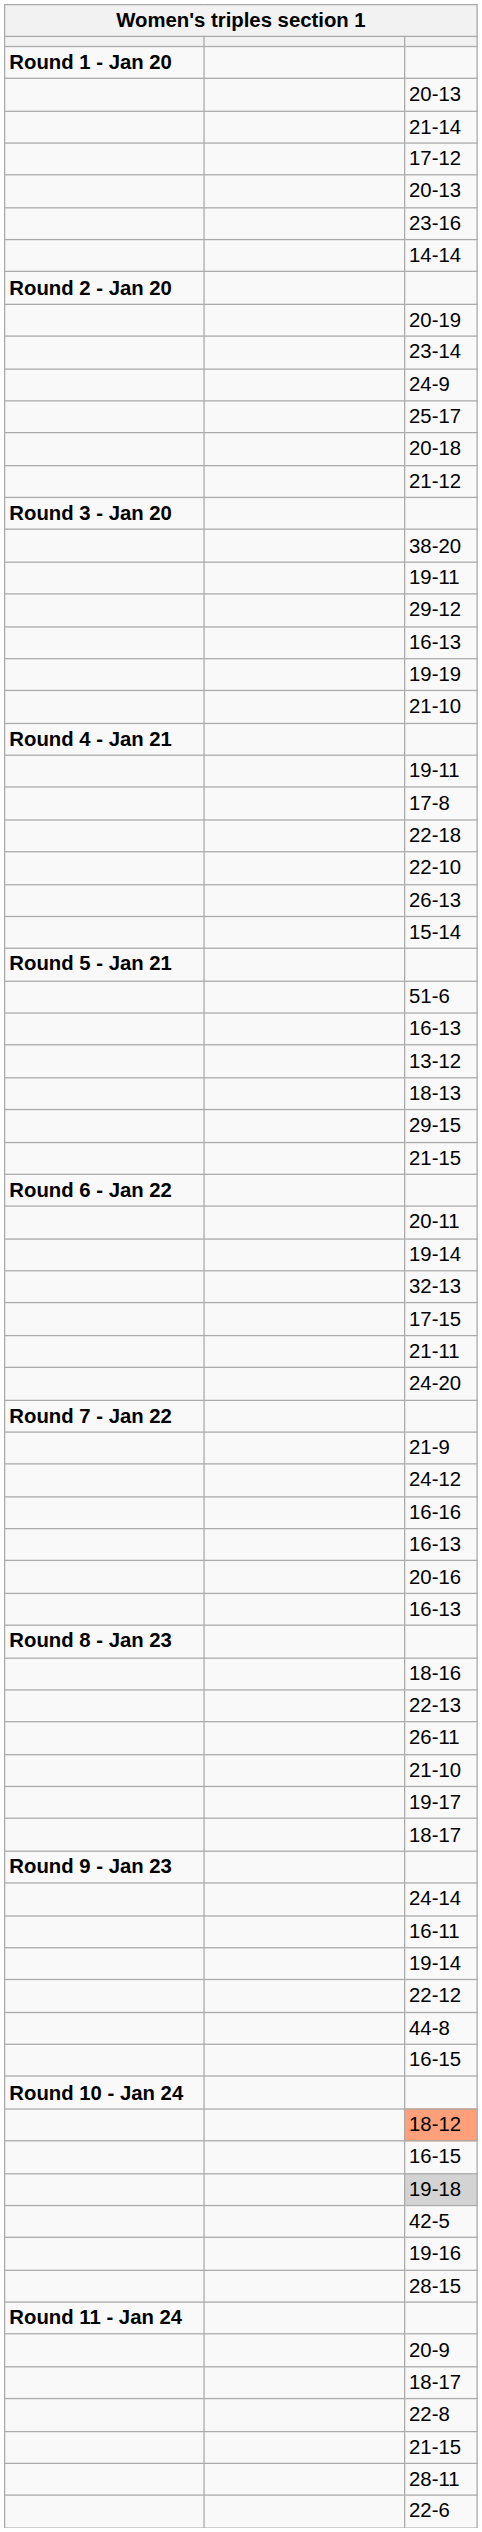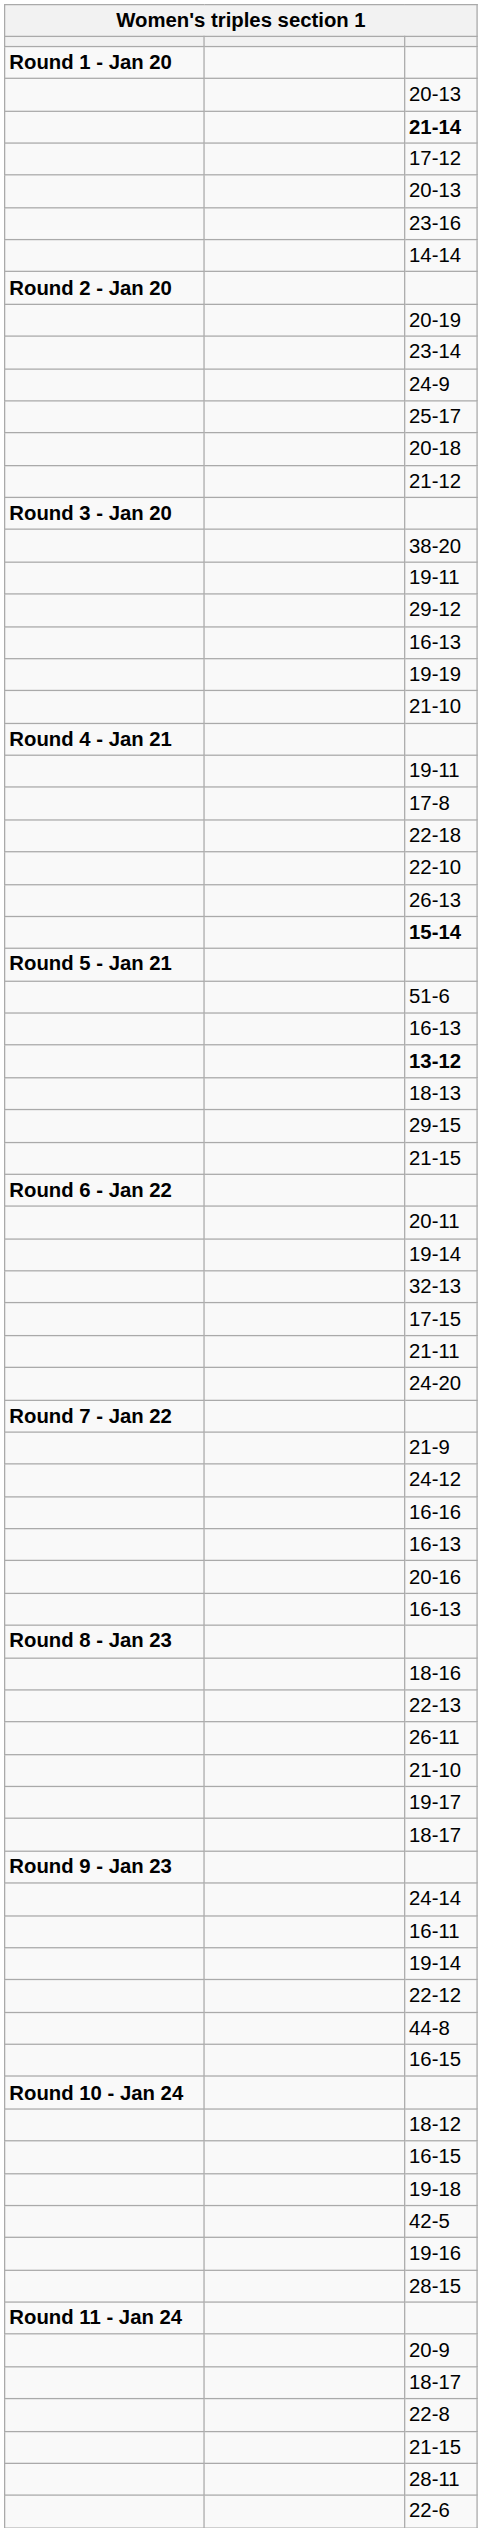 <table class="wikitable">
 <tr>
 <th colspan="3">Women's triples section 1</th>
 </tr>
 <tr>
 <th width=150></th>
 <th width=150></th>
 <th width=50></th>
 </tr>
 <tr>
 <td><strong>Round 1 - Jan 20</strong></td>
 <td></td>
 <td></td>
 </tr>
 <tr>
 <td></td>
 <td></td>
 <td>20-13</td>
 </tr>
 <tr>
 <td></td>
 <td></td>
-<td>21-14</td>
+<td><strong>21-14</strong></td>
 </tr>
 <tr>
 <td></td>
 <td></td>
 <td>17-12</td>
 </tr>
 <tr>
 <td></td>
 <td></td>
 <td>20-13</td>
 </tr>
 <tr>
 <td></td>
 <td></td>
 <td>23-16</td>
 </tr>
 <tr>
 <td></td>
 <td></td>
 <td>14-14</td>
 </tr>
 <tr>
 <td><strong>Round 2 - Jan 20</strong></td>
 <td></td>
 <td></td>
 </tr>
 <tr>
 <td></td>
 <td></td>
 <td>20-19</td>
 </tr>
 <tr>
 <td></td>
 <td></td>
 <td>23-14</td>
 </tr>
 <tr>
 <td></td>
 <td></td>
 <td>24-9</td>
 </tr>
 <tr>
 <td></td>
 <td></td>
 <td>25-17</td>
 </tr>
 <tr>
 <td></td>
 <td></td>
 <td>20-18</td>
 </tr>
 <tr>
 <td></td>
 <td></td>
 <td>21-12</td>
 </tr>
 <tr>
 <td><strong>Round 3 - Jan 20</strong></td>
 <td></td>
 <td></td>
 </tr>
 <tr>
 <td></td>
 <td></td>
 <td>38-20</td>
 </tr>
 <tr>
 <td></td>
 <td></td>
 <td>19-11</td>
 </tr>
 <tr>
 <td></td>
 <td></td>
 <td>29-12</td>
 </tr>
 <tr>
 <td></td>
 <td></td>
 <td>16-13</td>
 </tr>
 <tr>
 <td></td>
 <td></td>
 <td>19-19</td>
 </tr>
 <tr>
 <td></td>
 <td></td>
 <td>21-10</td>
 </tr>
 <tr>
 <td><strong>Round 4 - Jan 21</strong></td>
 <td></td>
 <td></td>
 </tr>
 <tr>
 <td></td>
 <td></td>
 <td>19-11</td>
 </tr>
 <tr>
 <td></td>
 <td></td>
 <td>17-8</td>
 </tr>
 <tr>
 <td></td>
 <td></td>
 <td>22-18</td>
 </tr>
 <tr>
 <td></td>
 <td></td>
 <td>22-10</td>
 </tr>
 <tr>
 <td></td>
 <td></td>
 <td>26-13</td>
 </tr>
 <tr>
 <td></td>
 <td></td>
-<td>15-14</td>
+<td><strong>15-14</strong></td>
 </tr>
 <tr>
 <td><strong>Round 5 - Jan 21</strong></td>
 <td></td>
 <td></td>
 </tr>
 <tr>
 <td></td>
 <td></td>
 <td>51-6</td>
 </tr>
 <tr>
 <td></td>
 <td></td>
 <td>16-13</td>
 </tr>
 <tr>
 <td></td>
 <td></td>
-<td>13-12</td>
+<td><strong>13-12</strong></td>
 </tr>
 <tr>
 <td></td>
 <td></td>
 <td>18-13</td>
 </tr>
 <tr>
 <td></td>
 <td></td>
 <td>29-15</td>
 </tr>
 <tr>
 <td></td>
 <td></td>
 <td>21-15</td>
 </tr>
 <tr>
 <td><strong>Round 6  - Jan 22</strong></td>
 <td></td>
 <td></td>
 </tr>
 <tr>
 <td></td>
 <td></td>
 <td>20-11</td>
 </tr>
 <tr>
 <td></td>
 <td></td>
 <td>19-14</td>
 </tr>
 <tr>
 <td></td>
 <td></td>
 <td>32-13</td>
 </tr>
 <tr>
 <td></td>
 <td></td>
 <td>17-15</td>
 </tr>
 <tr>
 <td></td>
 <td></td>
 <td>21-11</td>
 </tr>
 <tr>
 <td></td>
 <td></td>
 <td>24-20</td>
 </tr>
 <tr>
 <td><strong>Round 7 - Jan 22</strong></td>
 <td></td>
 <td></td>
 </tr>
 <tr>
 <td></td>
 <td></td>
 <td>21-9</td>
 </tr>
 <tr>
 <td></td>
 <td></td>
 <td>24-12</td>
 </tr>
 <tr>
 <td></td>
 <td></td>
 <td>16-16</td>
 </tr>
 <tr>
 <td></td>
 <td></td>
 <td>16-13</td>
 </tr>
 <tr>
 <td></td>
 <td></td>
 <td>20-16</td>
 </tr>
 <tr>
 <td></td>
 <td></td>
 <td>16-13</td>
 </tr>
 <tr>
 <td><strong>Round 8 - Jan 23</strong></td>
 <td></td>
 <td></td>
 </tr>
 <tr>
 <td></td>
 <td></td>
 <td>18-16</td>
 </tr>
 <tr>
 <td></td>
 <td></td>
 <td>22-13</td>
 </tr>
 <tr>
 <td></td>
 <td></td>
 <td>26-11</td>
 </tr>
 <tr>
 <td></td>
 <td></td>
 <td>21-10</td>
 </tr>
 <tr>
 <td></td>
 <td></td>
 <td>19-17</td>
 </tr>
 <tr>
 <td></td>
 <td></td>
 <td>18-17</td>
 </tr>
 <tr>
 <td><strong>Round 9 - Jan 23</strong></td>
 <td></td>
 <td></td>
 </tr>
 <tr>
 <td></td>
 <td></td>
 <td>24-14</td>
 </tr>
 <tr>
 <td></td>
 <td></td>
 <td>16-11</td>
 </tr>
 <tr>
 <td></td>
 <td></td>
 <td>19-14</td>
 </tr>
 <tr>
 <td></td>
 <td></td>
 <td>22-12</td>
 </tr>
 <tr>
 <td></td>
 <td></td>
 <td>44-8</td>
 </tr>
 <tr>
 <td></td>
 <td></td>
 <td>16-15</td>
 </tr>
 <tr>
 <td><strong>Round 10 - Jan 24</strong></td>
 <td></td>
 <td></td>
 </tr>
 <tr>
 <td></td>
 <td></td>
-<td style="background: lightsalmon;">18-12</td>
+<td>18-12</td>
 </tr>
 <tr>
 <td></td>
 <td></td>
 <td>16-15</td>
 </tr>
 <tr>
 <td></td>
 <td></td>
-<td style="background: lightgrey;">19-18</td>
+<td>19-18</td>
 </tr>
 <tr>
 <td></td>
 <td></td>
 <td>42-5</td>
 </tr>
 <tr>
 <td></td>
 <td></td>
 <td>19-16</td>
 </tr>
 <tr>
 <td></td>
 <td></td>
 <td>28-15</td>
 </tr>
 <tr>
 <td><strong>Round 11 - Jan 24</strong></td>
 <td></td>
 <td></td>
 </tr>
 <tr>
 <td></td>
 <td></td>
 <td>20-9</td>
 </tr>
 <tr>
 <td></td>
 <td></td>
 <td>18-17</td>
 </tr>
 <tr>
 <td></td>
 <td></td>
 <td>22-8</td>
 </tr>
 <tr>
 <td></td>
 <td></td>
 <td>21-15</td>
 </tr>
 <tr>
 <td></td>
 <td></td>
 <td>28-11</td>
 </tr>
 <tr>
 <td></td>
 <td></td>
 <td>22-6</td>
 </tr>
 </table>
